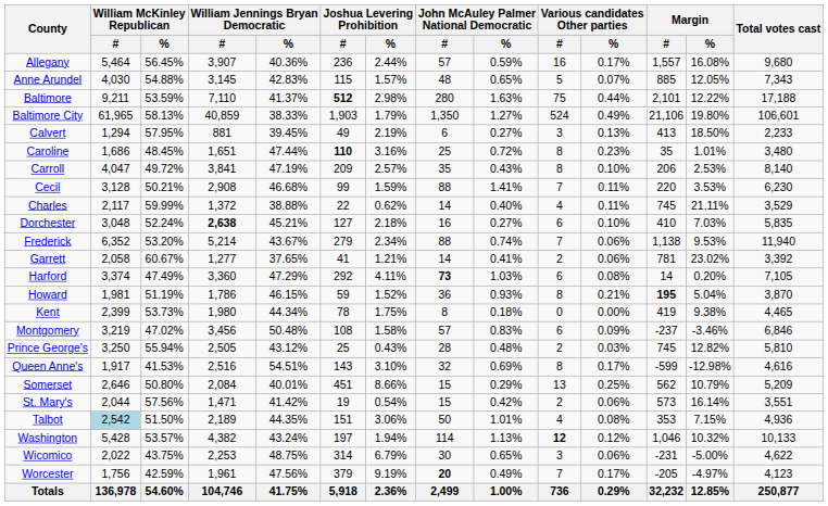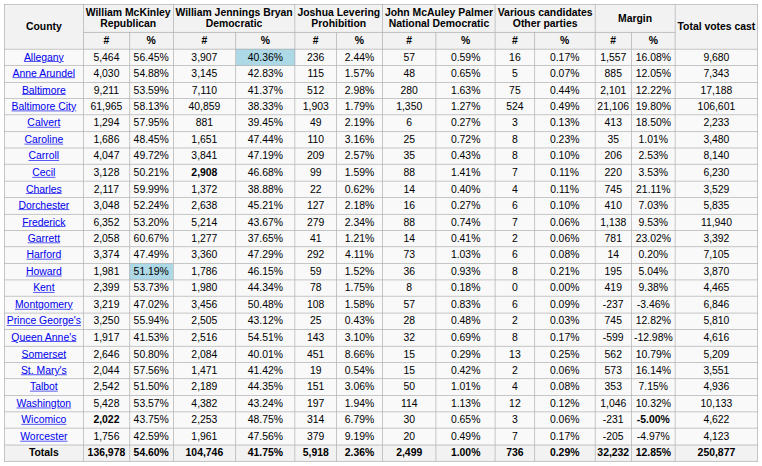 <table class="wikitable sortable">
 <tr>
 <th rowspan="2">County</th>
 <th colspan="2">William McKinley<br>Republican</th>
 <th colspan="2">William Jennings Bryan<br>Democratic</th>
 <th colspan="2">Joshua Levering<br>Prohibition</th>
 <th colspan="2">John McAuley Palmer<br>National Democratic</th>
 <th colspan="2">Various candidates<br>Other parties</th>
 <th colspan="2">Margin</th>
 <th rowspan="2">Total votes cast</th>
 </tr>
 <tr bgcolor="lightgrey">
 <th data-sort-type="number">#</th>
 <th data-sort-type="number">%</th>
 <th data-sort-type="number">#</th>
 <th data-sort-type="number">%</th>
 <th data-sort-type="number">#</th>
 <th data-sort-type="number">%</th>
 <th data-sort-type="number">#</th>
 <th data-sort-type="number">%</th>
 <th data-sort-type="number">#</th>
 <th data-sort-type="number">%</th>
 <th data-sort-type="number">#</th>
 <th data-sort-type="number">%</th>
 </tr>
 <tr style="text-align:center;">
 <td><a href='#'>Allegany</a></td>
 <td>5,464</td>
 <td>56.45%</td>
 <td>3,907</td>
-<td>40.36%</td>
+<td style="background: lightblue;">40.36%</td>
 <td>236</td>
 <td>2.44%</td>
 <td>57</td>
 <td>0.59%</td>
 <td>16</td>
 <td>0.17%</td>
 <td>1,557</td>
 <td>16.08%</td>
 <td>9,680</td>
 </tr>
 <tr style="text-align:center;">
 <td><a href='#'>Anne Arundel</a></td>
 <td>4,030</td>
 <td>54.88%</td>
 <td>3,145</td>
 <td>42.83%</td>
 <td>115</td>
 <td>1.57%</td>
 <td>48</td>
 <td>0.65%</td>
 <td>5</td>
 <td>0.07%</td>
 <td>885</td>
 <td>12.05%</td>
 <td>7,343</td>
 </tr>
 <tr style="text-align:center;">
 <td><a href='#'>Baltimore</a></td>
 <td>9,211</td>
 <td>53.59%</td>
 <td>7,110</td>
 <td>41.37%</td>
-<td><strong>512</strong></td>
+<td>512</td>
 <td>2.98%</td>
 <td>280</td>
 <td>1.63%</td>
 <td>75</td>
 <td>0.44%</td>
 <td>2,101</td>
 <td>12.22%</td>
 <td>17,188</td>
 </tr>
 <tr style="text-align:center;">
 <td><a href='#'>Baltimore City</a></td>
 <td>61,965</td>
 <td>58.13%</td>
 <td>40,859</td>
 <td>38.33%</td>
 <td>1,903</td>
 <td>1.79%</td>
 <td>1,350</td>
 <td>1.27%</td>
 <td>524</td>
 <td>0.49%</td>
 <td>21,106</td>
 <td>19.80%</td>
 <td>106,601</td>
 </tr>
 <tr style="text-align:center;">
 <td><a href='#'>Calvert</a></td>
 <td>1,294</td>
 <td>57.95%</td>
 <td>881</td>
 <td>39.45%</td>
 <td>49</td>
 <td>2.19%</td>
 <td>6</td>
 <td>0.27%</td>
 <td>3</td>
 <td>0.13%</td>
 <td>413</td>
 <td>18.50%</td>
 <td>2,233</td>
 </tr>
 <tr style="text-align:center;">
 <td><a href='#'>Caroline</a></td>
 <td>1,686</td>
 <td>48.45%</td>
 <td>1,651</td>
 <td>47.44%</td>
-<td><strong>110</strong></td>
+<td>110</td>
 <td>3.16%</td>
 <td>25</td>
 <td>0.72%</td>
 <td>8</td>
 <td>0.23%</td>
 <td>35</td>
 <td>1.01%</td>
 <td>3,480</td>
 </tr>
 <tr style="text-align:center;">
 <td><a href='#'>Carroll</a></td>
 <td>4,047</td>
 <td>49.72%</td>
 <td>3,841</td>
 <td>47.19%</td>
 <td>209</td>
 <td>2.57%</td>
 <td>35</td>
 <td>0.43%</td>
 <td>8</td>
 <td>0.10%</td>
 <td>206</td>
 <td>2.53%</td>
 <td>8,140</td>
 </tr>
 <tr style="text-align:center;">
 <td><a href='#'>Cecil</a></td>
 <td>3,128</td>
 <td>50.21%</td>
-<td>2,908</td>
+<td><strong>2,908</strong></td>
 <td>46.68%</td>
 <td>99</td>
 <td>1.59%</td>
 <td>88</td>
 <td>1.41%</td>
 <td>7</td>
 <td>0.11%</td>
 <td>220</td>
 <td>3.53%</td>
 <td>6,230</td>
 </tr>
 <tr style="text-align:center;">
 <td><a href='#'>Charles</a></td>
 <td>2,117</td>
 <td>59.99%</td>
 <td>1,372</td>
 <td>38.88%</td>
 <td>22</td>
 <td>0.62%</td>
 <td>14</td>
 <td>0.40%</td>
 <td>4</td>
 <td>0.11%</td>
 <td>745</td>
 <td>21.11%</td>
 <td>3,529</td>
 </tr>
 <tr style="text-align:center;">
 <td><a href='#'>Dorchester</a></td>
 <td>3,048</td>
 <td>52.24%</td>
-<td><strong>2,638</strong></td>
+<td>2,638</td>
 <td>45.21%</td>
 <td>127</td>
 <td>2.18%</td>
 <td>16</td>
 <td>0.27%</td>
 <td>6</td>
 <td>0.10%</td>
 <td>410</td>
 <td>7.03%</td>
 <td>5,835</td>
 </tr>
 <tr style="text-align:center;">
 <td><a href='#'>Frederick</a></td>
 <td>6,352</td>
 <td>53.20%</td>
 <td>5,214</td>
 <td>43.67%</td>
 <td>279</td>
 <td>2.34%</td>
 <td>88</td>
 <td>0.74%</td>
 <td>7</td>
 <td>0.06%</td>
 <td>1,138</td>
 <td>9.53%</td>
 <td>11,940</td>
 </tr>
 <tr style="text-align:center;">
 <td><a href='#'>Garrett</a></td>
 <td>2,058</td>
 <td>60.67%</td>
 <td>1,277</td>
 <td>37.65%</td>
 <td>41</td>
 <td>1.21%</td>
 <td>14</td>
 <td>0.41%</td>
 <td>2</td>
 <td>0.06%</td>
 <td>781</td>
 <td>23.02%</td>
 <td>3,392</td>
 </tr>
 <tr style="text-align:center;">
 <td><a href='#'>Harford</a></td>
 <td>3,374</td>
 <td>47.49%</td>
 <td>3,360</td>
 <td>47.29%</td>
 <td>292</td>
 <td>4.11%</td>
-<td><strong>73</strong></td>
+<td>73</td>
 <td>1.03%</td>
 <td>6</td>
 <td>0.08%</td>
 <td>14</td>
 <td>0.20%</td>
 <td>7,105</td>
 </tr>
 <tr style="text-align:center;">
 <td><a href='#'>Howard</a></td>
 <td>1,981</td>
-<td>51.19%</td>
+<td style="background: lightblue;">51.19%</td>
 <td>1,786</td>
 <td>46.15%</td>
 <td>59</td>
 <td>1.52%</td>
 <td>36</td>
 <td>0.93%</td>
 <td>8</td>
 <td>0.21%</td>
-<td><strong>195</strong></td>
+<td>195</td>
 <td>5.04%</td>
 <td>3,870</td>
 </tr>
 <tr style="text-align:center;">
 <td><a href='#'>Kent</a></td>
 <td>2,399</td>
 <td>53.73%</td>
 <td>1,980</td>
 <td>44.34%</td>
 <td>78</td>
 <td>1.75%</td>
 <td>8</td>
 <td>0.18%</td>
 <td>0</td>
 <td>0.00%</td>
 <td>419</td>
 <td>9.38%</td>
 <td>4,465</td>
 </tr>
 <tr style="text-align:center;">
 <td><a href='#'>Montgomery</a></td>
 <td>3,219</td>
 <td>47.02%</td>
 <td>3,456</td>
 <td>50.48%</td>
 <td>108</td>
 <td>1.58%</td>
 <td>57</td>
 <td>0.83%</td>
 <td>6</td>
 <td>0.09%</td>
 <td>-237</td>
 <td>-3.46%</td>
 <td>6,846</td>
 </tr>
 <tr style="text-align:center;">
 <td><a href='#'>Prince George's</a></td>
 <td>3,250</td>
 <td>55.94%</td>
 <td>2,505</td>
 <td>43.12%</td>
 <td>25</td>
 <td>0.43%</td>
 <td>28</td>
 <td>0.48%</td>
 <td>2</td>
 <td>0.03%</td>
 <td>745</td>
 <td>12.82%</td>
 <td>5,810</td>
 </tr>
 <tr style="text-align:center;">
 <td><a href='#'>Queen Anne's</a></td>
 <td>1,917</td>
 <td>41.53%</td>
 <td>2,516</td>
 <td>54.51%</td>
 <td>143</td>
 <td>3.10%</td>
 <td>32</td>
 <td>0.69%</td>
 <td>8</td>
 <td>0.17%</td>
 <td>-599</td>
 <td>-12.98%</td>
 <td>4,616</td>
 </tr>
 <tr style="text-align:center;">
 <td><a href='#'>Somerset</a></td>
 <td>2,646</td>
 <td>50.80%</td>
 <td>2,084</td>
 <td>40.01%</td>
 <td>451</td>
 <td>8.66%</td>
 <td>15</td>
 <td>0.29%</td>
 <td>13</td>
 <td>0.25%</td>
 <td>562</td>
 <td>10.79%</td>
 <td>5,209</td>
 </tr>
 <tr style="text-align:center;">
 <td><a href='#'>St. Mary's</a></td>
 <td>2,044</td>
 <td>57.56%</td>
 <td>1,471</td>
 <td>41.42%</td>
 <td>19</td>
 <td>0.54%</td>
 <td>15</td>
 <td>0.42%</td>
 <td>2</td>
 <td>0.06%</td>
 <td>573</td>
 <td>16.14%</td>
 <td>3,551</td>
 </tr>
 <tr style="text-align:center;">
 <td><a href='#'>Talbot</a></td>
-<td style="background: lightblue;">2,542</td>
+<td>2,542</td>
 <td>51.50%</td>
 <td>2,189</td>
 <td>44.35%</td>
 <td>151</td>
 <td>3.06%</td>
 <td>50</td>
 <td>1.01%</td>
 <td>4</td>
 <td>0.08%</td>
 <td>353</td>
 <td>7.15%</td>
 <td>4,936</td>
 </tr>
 <tr style="text-align:center;">
 <td><a href='#'>Washington</a></td>
 <td>5,428</td>
 <td>53.57%</td>
 <td>4,382</td>
 <td>43.24%</td>
 <td>197</td>
 <td>1.94%</td>
 <td>114</td>
 <td>1.13%</td>
-<td><strong>12</strong></td>
+<td>12</td>
 <td>0.12%</td>
 <td>1,046</td>
 <td>10.32%</td>
 <td>10,133</td>
 </tr>
 <tr style="text-align:center;">
 <td><a href='#'>Wicomico</a></td>
-<td>2,022</td>
+<td><strong>2,022</strong></td>
 <td>43.75%</td>
 <td>2,253</td>
 <td>48.75%</td>
 <td>314</td>
 <td>6.79%</td>
 <td>30</td>
 <td>0.65%</td>
 <td>3</td>
 <td>0.06%</td>
 <td>-231</td>
-<td>-5.00%</td>
+<td><strong>-5.00%</strong></td>
 <td>4,622</td>
 </tr>
 <tr style="text-align:center;">
 <td><a href='#'>Worcester</a></td>
 <td>1,756</td>
 <td>42.59%</td>
 <td>1,961</td>
 <td>47.56%</td>
 <td>379</td>
 <td>9.19%</td>
-<td><strong>20</strong></td>
+<td>20</td>
 <td>0.49%</td>
 <td>7</td>
 <td>0.17%</td>
 <td>-205</td>
 <td>-4.97%</td>
 <td>4,123</td>
 </tr>
 <tr style="text-align:center;">
 <th>Totals</th>
 <th>136,978</th>
 <th>54.60%</th>
 <th>104,746</th>
 <th>41.75%</th>
 <th>5,918</th>
 <th>2.36%</th>
 <th>2,499</th>
 <th>1.00%</th>
 <th>736</th>
 <th>0.29%</th>
 <th>32,232</th>
 <th>12.85%</th>
 <th>250,877</th>
 </tr>
 </table>
